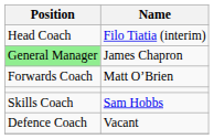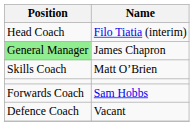 <table class="wikitable">
 <tr>
 <th>Position</th>
 <th>Name</th>
 </tr>
 <tr>
 <td>Head Coach</td>
 <td> <a href='#'>Filo Tiatia</a> (interim)</td>
 </tr>
 <tr>
 <td style="background: lightgreen;">General Manager</td>
 <td> James Chapron</td>
 </tr>
 <tr>
-<td>Forwards Coach</td>
+<td>Skills Coach</td>
 <td> Matt O’Brien</td>
 </tr>
 <tr>
 <td></td>
 </tr>
 <tr>
-<td>Skills Coach</td>
+<td>Forwards Coach</td>
 <td> <a href='#'>Sam Hobbs</a></td>
 </tr>
 <tr>
 <td>Defence Coach</td>
 <td>Vacant</td>
 </tr>
 <tr>
 </tr>
 </table>
